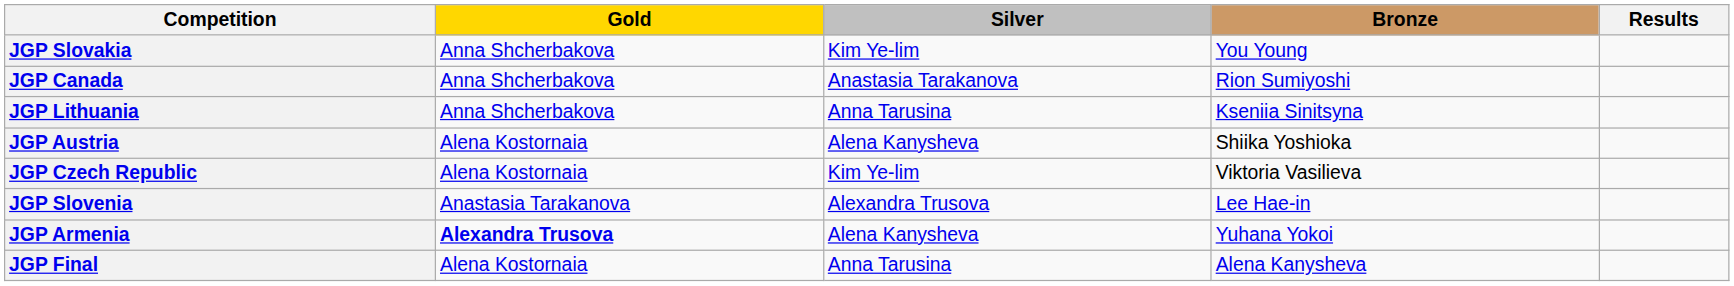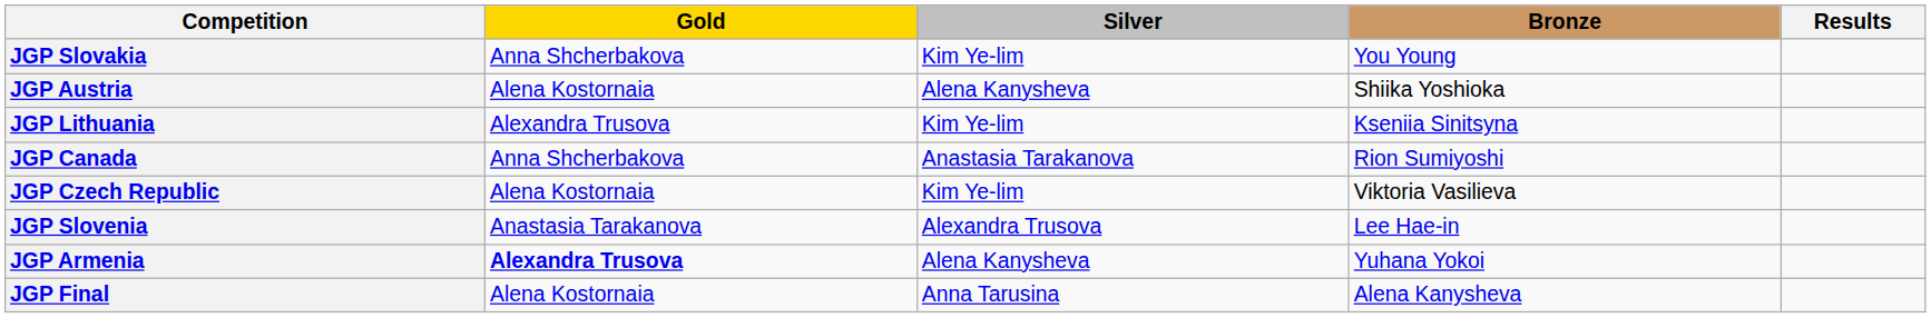 <table class="wikitable unsortable" style="text-align:left; width:90%">
 <tr>
 <th scope="col" style="text-align:center; width:25%;">Competition</th>
 <td scope="col" style="text-align:center; width:22.5%; background:gold"><strong>Gold</strong></td>
 <td scope="col" style="text-align:center; width:22.5%; background:silver"><strong>Silver</strong></td>
 <td scope="col" style="text-align:center; width:22.5%; background:#c96"><strong>Bronze</strong></td>
 <th scope="col" style="text-align:center; width:7.5%;">Results</th>
 </tr>
 <tr>
 <th scope="row" style="text-align:left"> <a href='#'>JGP Slovakia</a></th>
 <td> <a href='#'>Anna Shcherbakova</a></td>
 <td> <a href='#'>Kim Ye-lim</a></td>
 <td> <a href='#'>You Young</a></td>
 <td></td>
 </tr>
 <tr>
+<th scope="row" style="text-align:left"> <a href='#'>JGP Austria</a></th>
+<td> <a href='#'>Alena Kostornaia</a></td>
+<td> <a href='#'>Alena Kanysheva</a></td>
+<td> Shiika Yoshioka</td>
+<td></td>
+</tr>
+<tr>
+<th scope="row" style="text-align:left"> <a href='#'>JGP Lithuania</a></th>
+<td> <a href='#'>Alexandra Trusova</a></td>
+<td> <a href='#'>Kim Ye-lim</a></td>
+<td> <a href='#'>Kseniia Sinitsyna</a></td>
+<td></td>
+</tr>
+<tr>
 <th scope="row" style="text-align:left"> <a href='#'>JGP Canada</a></th>
 <td> <a href='#'>Anna Shcherbakova</a></td>
 <td> <a href='#'>Anastasia Tarakanova</a></td>
 <td> <a href='#'>Rion Sumiyoshi</a></td>
-<td></td>
-</tr>
-<tr>
-<th scope="row" style="text-align:left"> <a href='#'>JGP Lithuania</a></th>
-<td> <a href='#'>Anna Shcherbakova</a></td>
-<td> <a href='#'>Anna Tarusina</a></td>
-<td> <a href='#'>Kseniia Sinitsyna</a></td>
-<td></td>
-</tr>
-<tr>
-<th scope="row" style="text-align:left"> <a href='#'>JGP Austria</a></th>
-<td> <a href='#'>Alena Kostornaia</a></td>
-<td> <a href='#'>Alena Kanysheva</a></td>
-<td> Shiika Yoshioka</td>
 <td></td>
 </tr>
 <tr>
 <th scope="row" style="text-align:left"> <a href='#'>JGP Czech Republic</a></th>
 <td> <a href='#'>Alena Kostornaia</a></td>
 <td> <a href='#'>Kim Ye-lim</a></td>
 <td> Viktoria Vasilieva</td>
 <td></td>
 </tr>
 <tr>
 <th scope="row" style="text-align:left"> <a href='#'>JGP Slovenia</a></th>
 <td> <a href='#'>Anastasia Tarakanova</a></td>
 <td> <a href='#'>Alexandra Trusova</a></td>
 <td> <a href='#'>Lee Hae-in</a></td>
 <td></td>
 </tr>
 <tr>
 <th scope="row" style="text-align:left"> <a href='#'>JGP Armenia</a></th>
 <td><strong> <a href='#'>Alexandra Trusova</a></strong></td>
 <td> <a href='#'>Alena Kanysheva</a></td>
 <td> <a href='#'>Yuhana Yokoi</a></td>
 <td></td>
 </tr>
 <tr>
 <th scope="row" style="text-align:left"> <a href='#'>JGP Final</a></th>
 <td> <a href='#'>Alena Kostornaia</a></td>
 <td> <a href='#'>Anna Tarusina</a></td>
 <td> <a href='#'>Alena Kanysheva</a></td>
 <td></td>
 </tr>
 </table>
